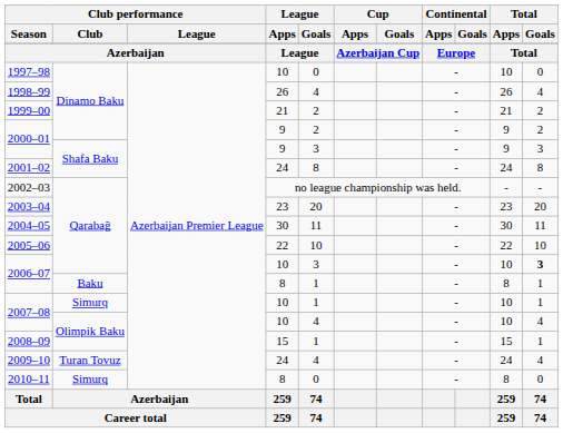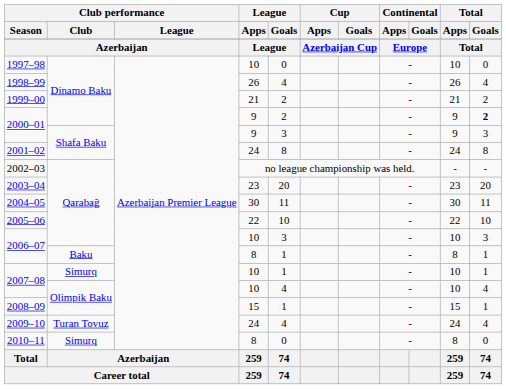 <table class="wikitable" style="text-align:center">
 <tr>
 <th colspan=3>Club performance</th>
 <th colspan=2>League</th>
 <th colspan=2>Cup</th>
 <th colspan=2>Continental</th>
 <th colspan=2>Total</th>
 </tr>
 <tr>
 <th>Season</th>
 <th>Club</th>
 <th>League</th>
 <th>Apps</th>
 <th>Goals</th>
 <th>Apps</th>
 <th>Goals</th>
 <th>Apps</th>
 <th>Goals</th>
 <th>Apps</th>
 <th>Goals</th>
 </tr>
 <tr>
 </tr>
 <tr>
 <th colspan=3>Azerbaijan</th>
 <th colspan=2>League</th>
 <th colspan=2><a href='#'>Azerbaijan Cup</a></th>
 <th colspan=2><a href='#'>Europe</a></th>
 <th colspan=2>Total</th>
 </tr>
 <tr>
 <td><a href='#'>1997–98</a></td>
 <td rowspan="4"><a href='#'>Dinamo Baku</a></td>
 <td rowspan="17"><a href='#'>Azerbaijan Premier League</a></td>
 <td>10</td>
 <td>0</td>
 <td></td>
 <td></td>
 <td colspan="2">-</td>
 <td>10</td>
 <td>0</td>
 </tr>
 <tr>
 <td><a href='#'>1998–99</a></td>
 <td>26</td>
 <td>4</td>
 <td></td>
 <td></td>
 <td colspan="2">-</td>
 <td>26</td>
 <td>4</td>
 </tr>
 <tr>
 <td><a href='#'>1999–00</a></td>
 <td>21</td>
 <td>2</td>
 <td></td>
 <td></td>
 <td colspan="2">-</td>
 <td>21</td>
 <td>2</td>
 </tr>
 <tr>
 <td rowspan="2"><a href='#'>2000–01</a></td>
 <td>9</td>
 <td>2</td>
 <td></td>
 <td></td>
 <td colspan="2">-</td>
 <td>9</td>
-<td>2</td>
+<td><strong>2</strong></td>
 </tr>
 <tr>
 <td rowspan="2"><a href='#'>Shafa Baku</a></td>
 <td>9</td>
 <td>3</td>
 <td></td>
 <td></td>
 <td colspan="2">-</td>
 <td>9</td>
 <td>3</td>
 </tr>
 <tr>
 <td><a href='#'>2001–02</a></td>
 <td>24</td>
 <td>8</td>
 <td></td>
 <td></td>
 <td colspan="2">-</td>
 <td>24</td>
 <td>8</td>
 </tr>
 <tr>
 <td>2002–03</td>
 <td rowspan="5"><a href='#'>Qarabağ</a></td>
 <td colspan="6">no league championship was held.</td>
 <td>-</td>
 <td>-</td>
 </tr>
 <tr>
 <td><a href='#'>2003–04</a></td>
 <td>23</td>
 <td>20</td>
 <td></td>
 <td></td>
 <td colspan="2">-</td>
 <td>23</td>
 <td>20</td>
 </tr>
 <tr>
 <td><a href='#'>2004–05</a></td>
 <td>30</td>
 <td>11</td>
 <td></td>
 <td></td>
 <td colspan="2">-</td>
 <td>30</td>
 <td>11</td>
 </tr>
 <tr>
 <td><a href='#'>2005–06</a></td>
 <td>22</td>
 <td>10</td>
 <td></td>
 <td></td>
 <td colspan="2">-</td>
 <td>22</td>
 <td>10</td>
 </tr>
 <tr>
 <td rowspan="2"><a href='#'>2006–07</a></td>
 <td>10</td>
 <td>3</td>
 <td></td>
 <td></td>
 <td colspan="2">-</td>
 <td>10</td>
-<td><strong>3</strong></td>
+<td>3</td>
 </tr>
 <tr>
 <td><a href='#'>Baku</a></td>
 <td>8</td>
 <td>1</td>
 <td></td>
 <td></td>
 <td colspan="2">-</td>
 <td>8</td>
 <td>1</td>
 </tr>
 <tr>
 <td rowspan="2"><a href='#'>2007–08</a></td>
 <td><a href='#'>Simurq</a></td>
 <td>10</td>
 <td>1</td>
 <td></td>
 <td></td>
 <td colspan="2">-</td>
 <td>10</td>
 <td>1</td>
 </tr>
 <tr>
 <td rowspan="2"><a href='#'>Olimpik Baku</a></td>
 <td>10</td>
 <td>4</td>
 <td></td>
 <td></td>
 <td colspan="2">-</td>
 <td>10</td>
 <td>4</td>
 </tr>
 <tr>
 <td><a href='#'>2008–09</a></td>
 <td>15</td>
 <td>1</td>
 <td></td>
 <td></td>
 <td colspan="2">-</td>
 <td>15</td>
 <td>1</td>
 </tr>
 <tr>
 <td><a href='#'>2009–10</a></td>
 <td><a href='#'>Turan Tovuz</a></td>
 <td>24</td>
 <td>4</td>
 <td></td>
 <td></td>
 <td colspan="2">-</td>
 <td>24</td>
 <td>4</td>
 </tr>
 <tr>
 <td><a href='#'>2010–11</a></td>
 <td><a href='#'>Simurq</a></td>
 <td>8</td>
 <td>0</td>
 <td></td>
 <td></td>
 <td colspan="2">-</td>
 <td>8</td>
 <td>0</td>
 </tr>
 <tr>
 <th rowspan=1>Total</th>
 <th colspan=2>Azerbaijan</th>
 <th>259</th>
 <th>74</th>
 <th></th>
 <th></th>
 <th></th>
 <th></th>
 <th>259</th>
 <th>74</th>
 </tr>
 <tr>
 <th colspan=3>Career total</th>
 <th>259</th>
 <th>74</th>
 <th></th>
 <th></th>
 <th></th>
 <th></th>
 <th>259</th>
 <th>74</th>
 </tr>
 </table>
